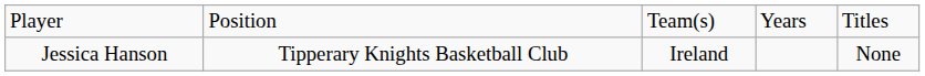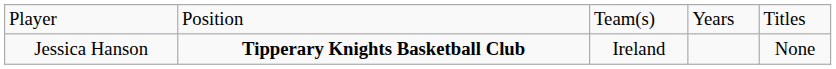 <table class="wikitable" width="80%">
 <tr>
 <td>Player</td>
 <td>Position</td>
 <td>Team(s)</td>
 <td>Years</td>
 <td>Titles</td>
 </tr>
 <tr align="center" bgcolor="">
 <td>Jessica Hanson</td>
-<td>Tipperary Knights Basketball Club</td>
+<td><strong>Tipperary Knights Basketball Club</strong></td>
 <td>Ireland</td>
 <td></td>
 <td>None</td>
 </tr>
 </table>
